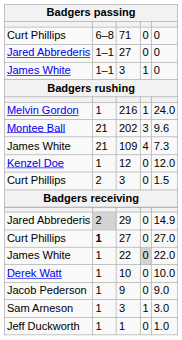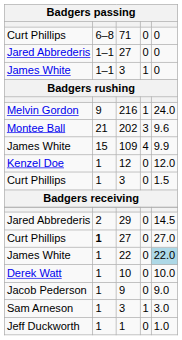 <table class="wikitable plainrowheaders">
 <tr>
 <th colspan="6">Badgers passing</th>
 </tr>
 <tr>
 <th scope="col"></th>
 <th scope="col"></th>
 <th scope="col"></th>
 <th scope="col"></th>
 <th scope="col"></th>
 </tr>
 <tr>
 <td>Curt Phillips</td>
 <td>6–8</td>
 <td>71</td>
 <td>0</td>
 <td>0</td>
 </tr>
 <tr>
 <td><a href='#'>Jared Abbrederis</a></td>
 <td>1–1</td>
 <td>27</td>
 <td>0</td>
 <td>0</td>
 </tr>
 <tr>
 <td><a href='#'>James White</a></td>
 <td>1–1</td>
 <td>3</td>
 <td>1</td>
 <td>0</td>
 </tr>
 <tr>
 <th colspan="6">Badgers rushing</th>
 </tr>
 <tr>
 <th scope="col"></th>
 <th scope="col"></th>
 <th scope="col"></th>
 <th scope="col"></th>
 <th scope="col"></th>
 </tr>
 <tr>
 <td><a href='#'>Melvin Gordon</a></td>
-<td>1</td>
+<td>9</td>
 <td>216</td>
 <td>1</td>
 <td>24.0</td>
 </tr>
 <tr>
 <td><a href='#'>Montee Ball</a></td>
 <td>21</td>
 <td>202</td>
 <td>3</td>
 <td>9.6</td>
 </tr>
 <tr>
 <td>James White</td>
-<td>21</td>
+<td>15</td>
 <td>109</td>
 <td>4</td>
-<td>7.3</td>
+<td>9.9</td>
 </tr>
 <tr>
 <td><a href='#'>Kenzel Doe</a></td>
 <td>1</td>
 <td>12</td>
 <td>0</td>
 <td>12.0</td>
 </tr>
 <tr>
 <td>Curt Phillips</td>
-<td>2</td>
+<td>1</td>
 <td>3</td>
 <td>0</td>
 <td>1.5</td>
 </tr>
 <tr>
 <th colspan="6">Badgers receiving</th>
 </tr>
 <tr>
 </tr>
 <tr>
 <th scope="col"></th>
 <th scope="col"></th>
 <th scope="col"></th>
 <th scope="col"></th>
 <th scope="col"></th>
 </tr>
 <tr>
 <td>Jared Abbrederis</td>
-<td style="background: lightgrey;">2</td>
+<td>2</td>
 <td>29</td>
 <td>0</td>
-<td>14.9</td>
+<td>14.5</td>
 </tr>
 <tr>
 <td>Curt Phillips</td>
 <td><strong>1</strong></td>
 <td>27</td>
 <td>0</td>
 <td>27.0</td>
 </tr>
 <tr>
 <td>James White</td>
 <td>1</td>
 <td>22</td>
-<td style="background: lightgrey;">0</td>
-<td>22.0</td>
+<td>0</td>
+<td style="background: lightblue;">22.0</td>
 </tr>
 <tr>
 <td><a href='#'>Derek Watt</a></td>
 <td>1</td>
 <td>10</td>
 <td>0</td>
 <td>10.0</td>
 </tr>
 <tr>
 <td>Jacob Pederson</td>
 <td>1</td>
 <td>9</td>
 <td>0</td>
 <td>9.0</td>
 </tr>
 <tr>
 <td>Sam Arneson</td>
 <td>1</td>
 <td>3</td>
 <td>1</td>
 <td>3.0</td>
 </tr>
 <tr>
 <td>Jeff Duckworth</td>
 <td>1</td>
 <td>1</td>
 <td>0</td>
 <td>1.0</td>
 </tr>
 </table>
